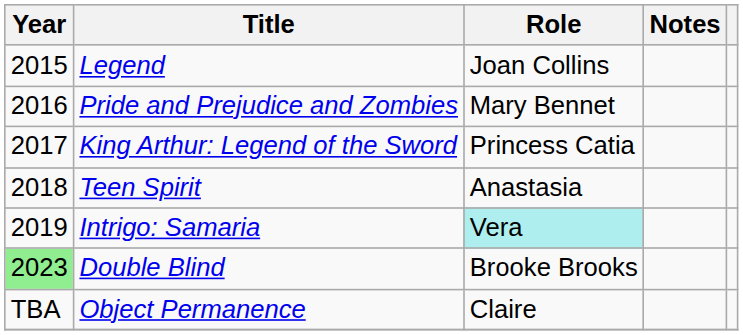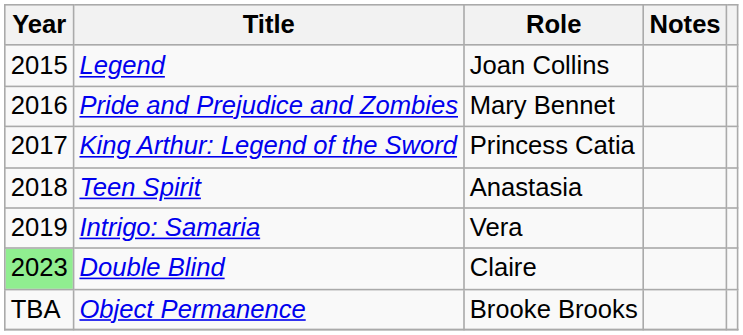 <table class="wikitable sortable">
 <tr>
 <th>Year</th>
 <th>Title</th>
 <th>Role</th>
 <th class="unsortable">Notes</th>
 <th class="unsortable"></th>
 </tr>
 <tr>
 <td>2015</td>
 <td><em><a href='#'>Legend</a></em></td>
 <td>Joan Collins</td>
 <td></td>
 <td></td>
 </tr>
 <tr>
 <td>2016</td>
 <td><em><a href='#'>Pride and Prejudice and Zombies</a></em></td>
 <td>Mary Bennet</td>
 <td></td>
 <td></td>
 </tr>
 <tr>
 <td>2017</td>
 <td><em><a href='#'>King Arthur: Legend of the Sword</a></em></td>
 <td>Princess Catia</td>
 <td></td>
 <td></td>
 </tr>
 <tr>
 <td>2018</td>
 <td><em><a href='#'>Teen Spirit</a></em></td>
 <td>Anastasia</td>
 <td></td>
 <td></td>
 </tr>
 <tr>
 <td>2019</td>
 <td><em><a href='#'>Intrigo: Samaria</a></em></td>
-<td style="background: paleturquoise;">Vera</td>
+<td>Vera</td>
 <td></td>
 <td></td>
 </tr>
 <tr>
 <td style="background: lightgreen;">2023</td>
 <td><em><a href='#'>Double Blind</a></em></td>
-<td>Brooke Brooks</td>
+<td>Claire</td>
 <td></td>
 <td></td>
 </tr>
 <tr>
 <td>TBA</td>
 <td><em><a href='#'>Object Permanence</a></em></td>
-<td>Claire</td>
+<td>Brooke Brooks</td>
 <td></td>
 <td></td>
 </tr>
 <tr>
 </tr>
 </table>
